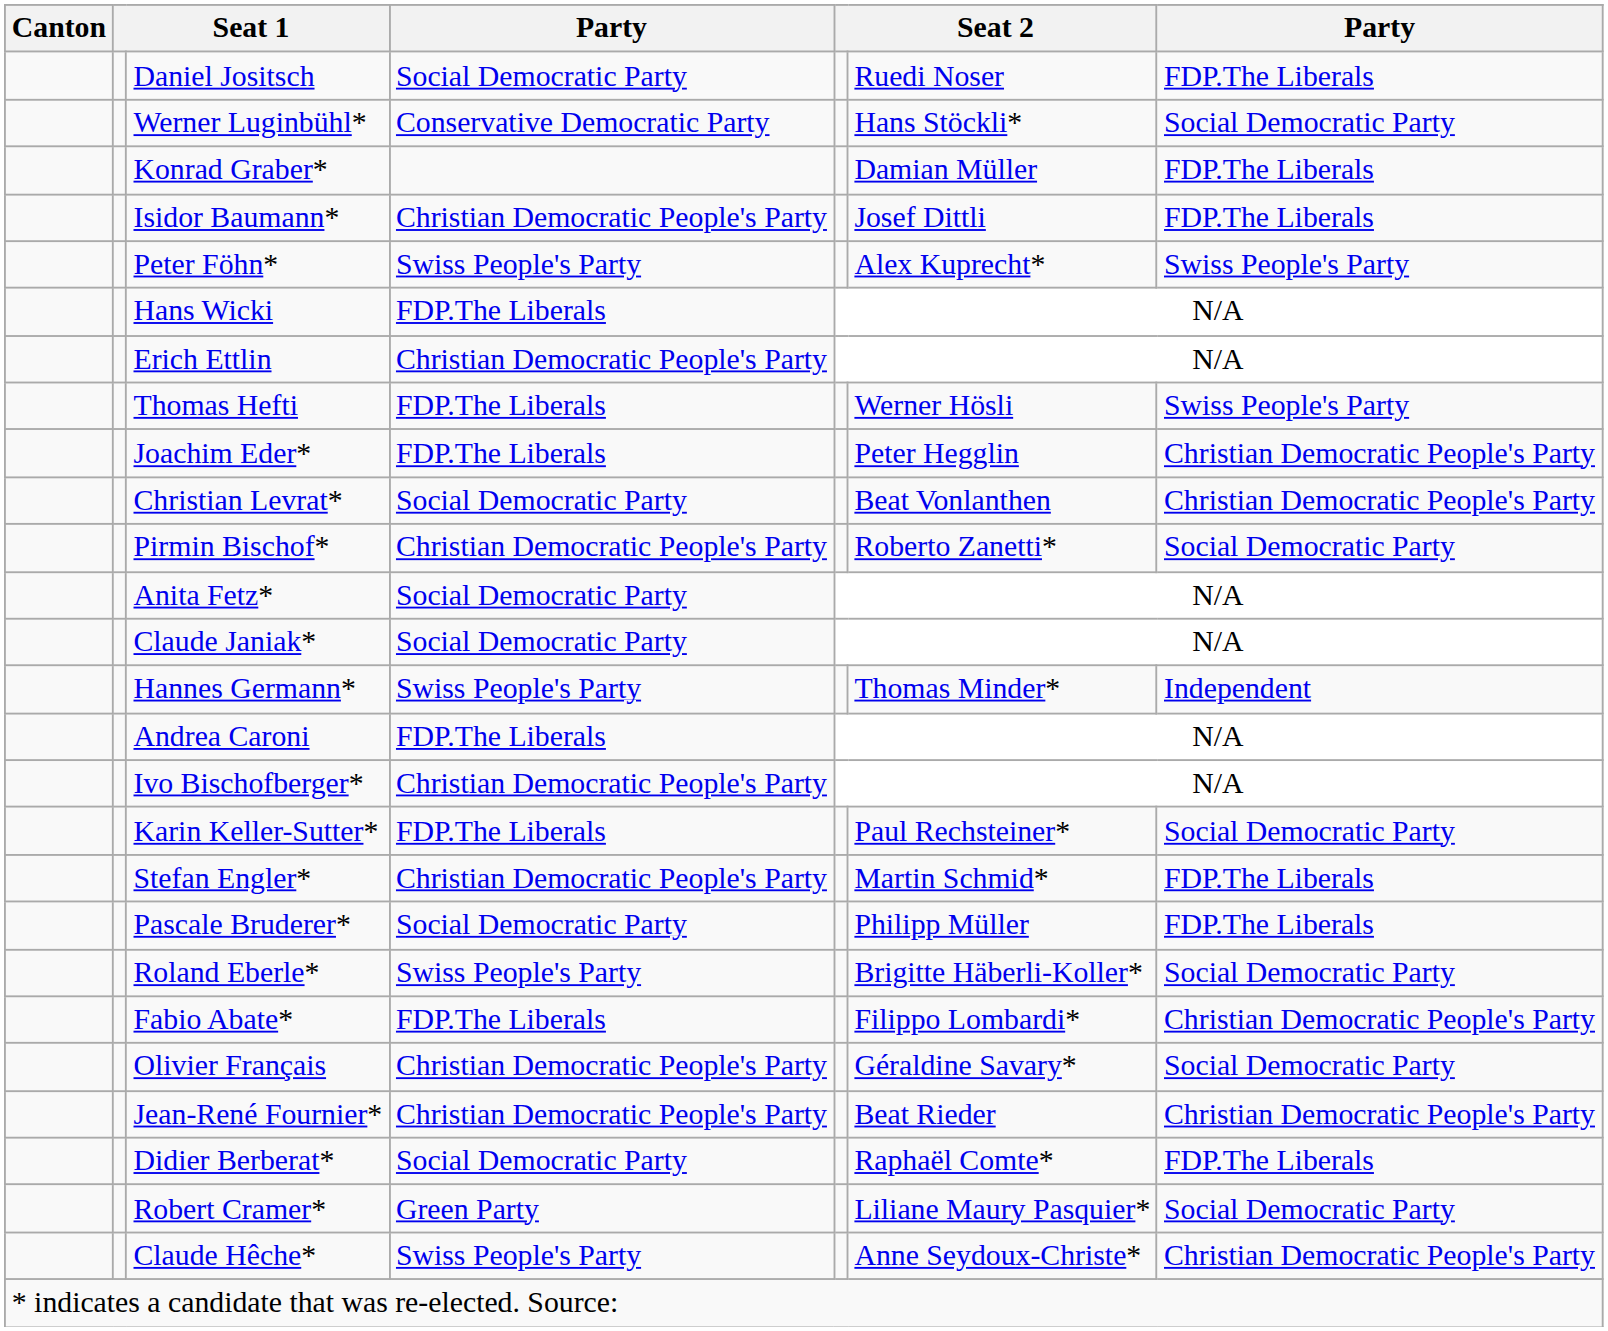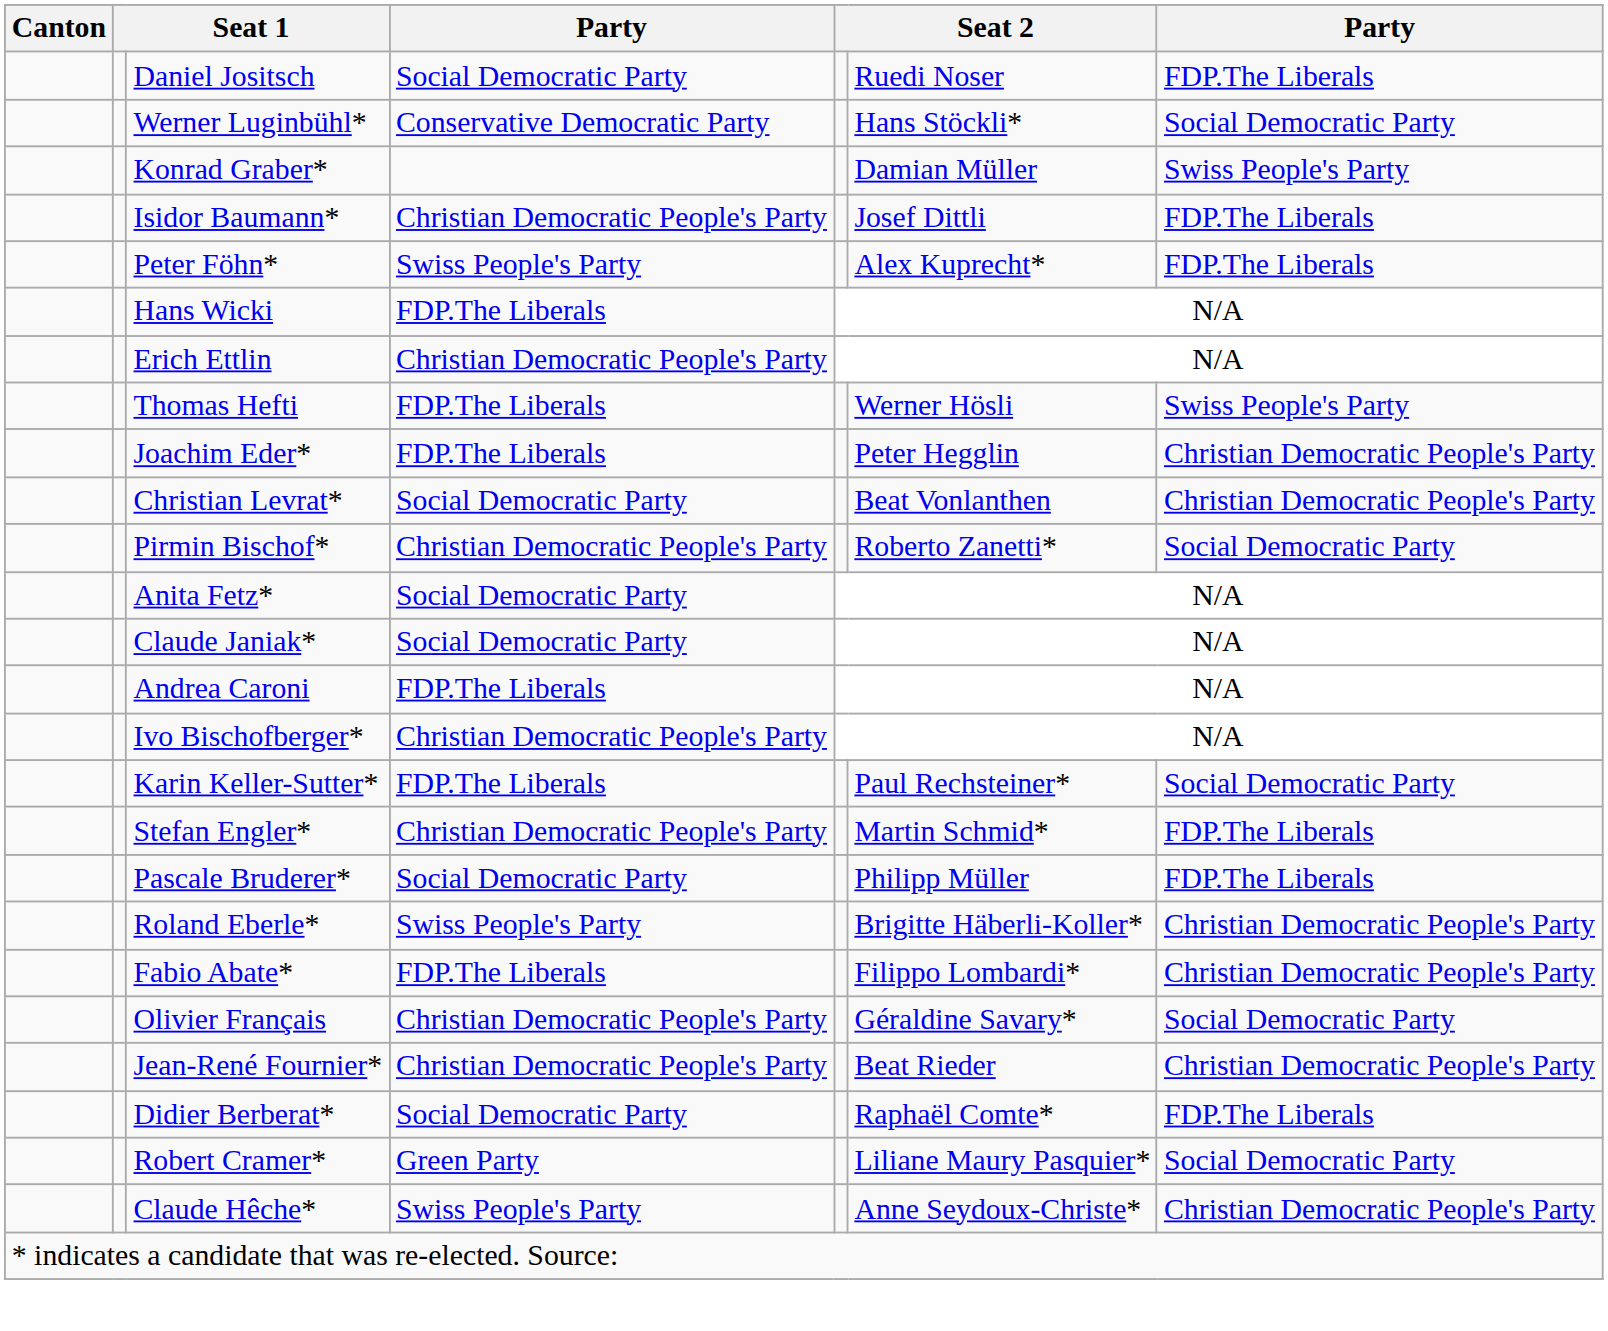 <table class="wikitable sortable">
 <tr>
 <th>Canton</th>
 <th colspan=2>Seat 1</th>
 <th>Party</th>
 <th colspan=2>Seat 2</th>
 <th>Party</th>
 </tr>
 <tr>
 <td></td>
 <td style="background-color:"></td>
 <td><a href='#'>Daniel Jositsch</a></td>
 <td><a href='#'>Social Democratic Party</a></td>
 <td style="background-color:"></td>
 <td><a href='#'>Ruedi Noser</a></td>
 <td><a href='#'>FDP.The Liberals</a></td>
 </tr>
 <tr>
 <td></td>
 <td style="background-color:"></td>
 <td><a href='#'>Werner Luginbühl</a>*</td>
 <td><a href='#'>Conservative Democratic Party</a></td>
 <td style="background-color:"></td>
 <td><a href='#'>Hans Stöckli</a>*</td>
 <td><a href='#'>Social Democratic Party</a></td>
 </tr>
 <tr>
 <td></td>
 <td style="background-color:"></td>
 <td><a href='#'>Konrad Graber</a>*</td>
 <td></td>
 <td style="background-color:"></td>
 <td><a href='#'>Damian Müller</a></td>
-<td><a href='#'>FDP.The Liberals</a></td>
+<td><a href='#'>Swiss People's Party</a></td>
 </tr>
 <tr>
 <td></td>
 <td style="background-color:"></td>
 <td><a href='#'>Isidor Baumann</a>*</td>
 <td><a href='#'>Christian Democratic People's Party</a></td>
 <td style="background-color:"></td>
 <td><a href='#'>Josef Dittli</a></td>
 <td><a href='#'>FDP.The Liberals</a></td>
 </tr>
 <tr>
 <td></td>
 <td style="background-color:"></td>
 <td><a href='#'>Peter Föhn</a>*</td>
 <td><a href='#'>Swiss People's Party</a></td>
 <td style="background-color:"></td>
 <td><a href='#'>Alex Kuprecht</a>*</td>
-<td><a href='#'>Swiss People's Party</a></td>
+<td><a href='#'>FDP.The Liberals</a></td>
 </tr>
 <tr>
 <td></td>
 <td style="background-color:"></td>
 <td><a href='#'>Hans Wicki</a></td>
 <td><a href='#'>FDP.The Liberals</a></td>
 <td colspan=3 style="background-color:white;text-align:center;">N/A</td>
 </tr>
 <tr>
 <td></td>
 <td style="background-color:"></td>
 <td><a href='#'>Erich Ettlin</a></td>
 <td><a href='#'>Christian Democratic People's Party</a></td>
 <td colspan=3 style="background-color:white;text-align:center;">N/A</td>
 </tr>
 <tr>
 <td></td>
 <td style="background-color:"></td>
 <td><a href='#'>Thomas Hefti</a></td>
 <td><a href='#'>FDP.The Liberals</a></td>
 <td style="background-color:"></td>
 <td><a href='#'>Werner Hösli</a></td>
 <td><a href='#'>Swiss People's Party</a></td>
 </tr>
 <tr>
 <td></td>
 <td style="background-color:"></td>
 <td><a href='#'>Joachim Eder</a>*</td>
 <td><a href='#'>FDP.The Liberals</a></td>
 <td style="background-color:"></td>
 <td><a href='#'>Peter Hegglin</a></td>
 <td><a href='#'>Christian Democratic People's Party</a></td>
 </tr>
 <tr>
 <td></td>
 <td style="background-color:"></td>
 <td><a href='#'>Christian Levrat</a>*</td>
 <td><a href='#'>Social Democratic Party</a></td>
 <td style="background-color:"></td>
 <td><a href='#'>Beat Vonlanthen</a></td>
 <td><a href='#'>Christian Democratic People's Party</a></td>
 </tr>
 <tr>
 <td></td>
 <td style="background-color:"></td>
 <td><a href='#'>Pirmin Bischof</a>*</td>
 <td><a href='#'>Christian Democratic People's Party</a></td>
 <td style="background-color:"></td>
 <td><a href='#'>Roberto Zanetti</a>*</td>
 <td><a href='#'>Social Democratic Party</a></td>
 </tr>
 <tr>
 <td></td>
 <td style="background-color:"></td>
 <td><a href='#'>Anita Fetz</a>*</td>
 <td><a href='#'>Social Democratic Party</a></td>
 <td colspan=3 style="background-color:white;text-align:center;">N/A</td>
 </tr>
 <tr>
 <td></td>
 <td style="background-color:"></td>
 <td><a href='#'>Claude Janiak</a>*</td>
 <td><a href='#'>Social Democratic Party</a></td>
 <td colspan=3 style="background-color:white;text-align:center;">N/A</td>
 </tr>
 <tr>
 <td></td>
 <td style="background-color:"></td>
-<td><a href='#'>Hannes Germann</a>*</td>
-<td><a href='#'>Swiss People's Party</a></td>
-<td style="background-color:"></td>
-<td><a href='#'>Thomas Minder</a>*</td>
-<td><a href='#'>Independent</a></td>
-</tr>
-<tr>
-<td></td>
-<td style="background-color:"></td>
 <td><a href='#'>Andrea Caroni</a></td>
 <td><a href='#'>FDP.The Liberals</a></td>
 <td colspan=3 style="background-color:white;text-align:center;">N/A</td>
 </tr>
 <tr>
 <td></td>
 <td style="background-color:"></td>
 <td><a href='#'>Ivo Bischofberger</a>*</td>
 <td><a href='#'>Christian Democratic People's Party</a></td>
 <td colspan=3 style="background-color:white;text-align:center;">N/A</td>
 </tr>
 <tr>
 <td></td>
 <td style="background-color:"></td>
 <td><a href='#'>Karin Keller-Sutter</a>*</td>
 <td><a href='#'>FDP.The Liberals</a></td>
 <td style="background-color:"></td>
 <td><a href='#'>Paul Rechsteiner</a>*</td>
 <td><a href='#'>Social Democratic Party</a></td>
 </tr>
 <tr>
 <td></td>
 <td style="background-color:"></td>
 <td><a href='#'>Stefan Engler</a>*</td>
 <td><a href='#'>Christian Democratic People's Party</a></td>
 <td style="background-color:"></td>
 <td><a href='#'>Martin Schmid</a>*</td>
 <td><a href='#'>FDP.The Liberals</a></td>
 </tr>
 <tr>
 <td></td>
 <td style="background-color:"></td>
 <td><a href='#'>Pascale Bruderer</a>*</td>
 <td><a href='#'>Social Democratic Party</a></td>
 <td style="background-color:"></td>
 <td><a href='#'>Philipp Müller</a></td>
 <td><a href='#'>FDP.The Liberals</a></td>
 </tr>
 <tr>
 <td></td>
 <td style="background-color:"></td>
 <td><a href='#'>Roland Eberle</a>*</td>
 <td><a href='#'>Swiss People's Party</a></td>
 <td style="background-color:"></td>
 <td><a href='#'>Brigitte Häberli-Koller</a>*</td>
-<td><a href='#'>Social Democratic Party</a></td>
+<td><a href='#'>Christian Democratic People's Party</a></td>
 </tr>
 <tr>
 <td></td>
 <td style="background-color:"></td>
 <td><a href='#'>Fabio Abate</a>*</td>
 <td><a href='#'>FDP.The Liberals</a></td>
 <td style="background-color:"></td>
 <td><a href='#'>Filippo Lombardi</a>*</td>
 <td><a href='#'>Christian Democratic People's Party</a></td>
 </tr>
 <tr>
 <td></td>
 <td style="background-color:"></td>
 <td><a href='#'>Olivier Français</a></td>
 <td><a href='#'>Christian Democratic People's Party</a></td>
 <td style="background-color:"></td>
 <td><a href='#'>Géraldine Savary</a>*</td>
 <td><a href='#'>Social Democratic Party</a></td>
 </tr>
 <tr>
 <td></td>
 <td style="background-color:"></td>
 <td><a href='#'>Jean-René Fournier</a>*</td>
 <td><a href='#'>Christian Democratic People's Party</a></td>
 <td style="background-color:"></td>
 <td><a href='#'>Beat Rieder</a></td>
 <td><a href='#'>Christian Democratic People's Party</a></td>
 </tr>
 <tr>
 <td></td>
 <td style="background-color:"></td>
 <td><a href='#'>Didier Berberat</a>*</td>
 <td><a href='#'>Social Democratic Party</a></td>
 <td style="background-color:"></td>
 <td><a href='#'>Raphaël Comte</a>*</td>
 <td><a href='#'>FDP.The Liberals</a></td>
 </tr>
 <tr>
 <td></td>
 <td style="background-color:"></td>
 <td><a href='#'>Robert Cramer</a>*</td>
 <td><a href='#'>Green Party</a></td>
 <td style="background-color:"></td>
 <td><a href='#'>Liliane Maury Pasquier</a>*</td>
 <td><a href='#'>Social Democratic Party</a></td>
 </tr>
 <tr>
 <td></td>
 <td style="background-color:"></td>
 <td><a href='#'>Claude Hêche</a>*</td>
 <td><a href='#'>Swiss People's Party</a></td>
 <td style="background-color:"></td>
 <td><a href='#'>Anne Seydoux-Christe</a>*</td>
 <td><a href='#'>Christian Democratic People's Party</a></td>
 </tr>
 <tr>
 <td colspan=7>* indicates a candidate that was re-elected. Source: </td>
 </tr>
 </table>
